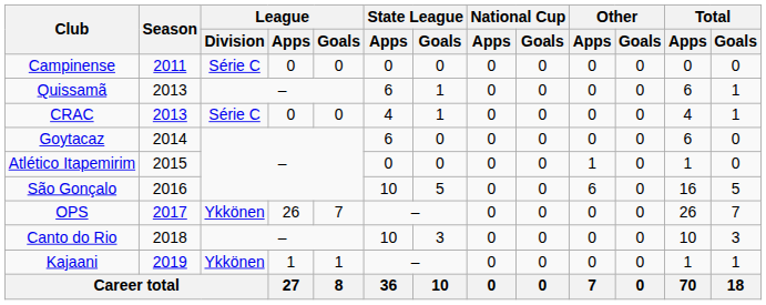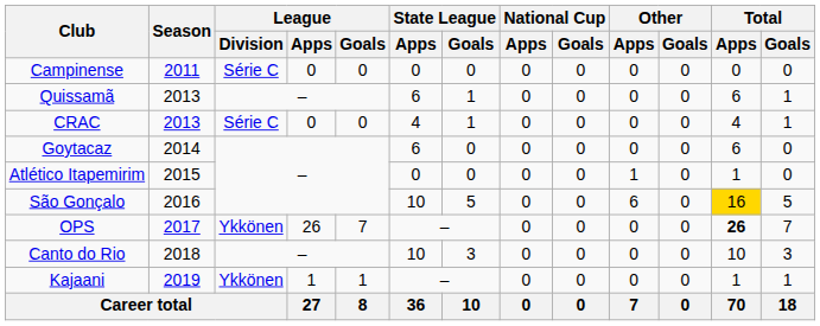 <table class="wikitable" style="text-align: center">
 <tr>
 <th rowspan="2">Club</th>
 <th rowspan="2">Season</th>
 <th colspan="3">League</th>
 <th colspan="2">State League</th>
 <th colspan="2">National Cup</th>
 <th colspan="2">Other</th>
 <th colspan="2">Total</th>
 </tr>
 <tr>
 <th>Division</th>
 <th>Apps</th>
 <th>Goals</th>
 <th>Apps</th>
 <th>Goals</th>
 <th>Apps</th>
 <th>Goals</th>
 <th>Apps</th>
 <th>Goals</th>
 <th>Apps</th>
 <th>Goals</th>
 </tr>
 <tr>
 <td><a href='#'>Campinense</a></td>
 <td><a href='#'>2011</a></td>
 <td><a href='#'>Série C</a></td>
 <td>0</td>
 <td>0</td>
 <td>0</td>
 <td>0</td>
 <td>0</td>
 <td>0</td>
 <td>0</td>
 <td>0</td>
 <td>0</td>
 <td>0</td>
 </tr>
 <tr>
 <td><a href='#'>Quissamã</a></td>
 <td>2013</td>
 <td colspan="3">–</td>
 <td>6</td>
 <td>1</td>
 <td>0</td>
 <td>0</td>
 <td>0</td>
 <td>0</td>
 <td>6</td>
 <td>1</td>
 </tr>
 <tr>
 <td><a href='#'>CRAC</a></td>
 <td><a href='#'>2013</a></td>
 <td><a href='#'>Série C</a></td>
 <td>0</td>
 <td>0</td>
 <td>4</td>
 <td>1</td>
 <td>0</td>
 <td>0</td>
 <td>0</td>
 <td>0</td>
 <td>4</td>
 <td>1</td>
 </tr>
 <tr>
 <td><a href='#'>Goytacaz</a></td>
 <td>2014</td>
 <td colspan="3" rowspan="3">–</td>
 <td>6</td>
 <td>0</td>
 <td>0</td>
 <td>0</td>
 <td>0</td>
 <td>0</td>
 <td>6</td>
 <td>0</td>
 </tr>
 <tr>
 <td><a href='#'>Atlético Itapemirim</a></td>
 <td>2015</td>
 <td>0</td>
 <td>0</td>
 <td>0</td>
 <td>0</td>
 <td>1</td>
 <td>0</td>
 <td>1</td>
 <td>0</td>
 </tr>
 <tr>
 <td><a href='#'>São Gonçalo</a></td>
 <td>2016</td>
 <td>10</td>
 <td>5</td>
 <td>0</td>
 <td>0</td>
 <td>6</td>
 <td>0</td>
-<td>16</td>
+<td style="background: gold;">16</td>
 <td>5</td>
 </tr>
 <tr>
 <td><a href='#'>OPS</a></td>
 <td><a href='#'>2017</a></td>
 <td><a href='#'>Ykkönen</a></td>
 <td>26</td>
 <td>7</td>
 <td colspan="2">–</td>
 <td>0</td>
 <td>0</td>
 <td>0</td>
 <td>0</td>
-<td>26</td>
+<td><strong>26</strong></td>
 <td>7</td>
 </tr>
 <tr>
 <td><a href='#'>Canto do Rio</a></td>
 <td>2018</td>
 <td colspan="3">–</td>
 <td>10</td>
 <td>3</td>
 <td>0</td>
 <td>0</td>
 <td>0</td>
 <td>0</td>
 <td>10</td>
 <td>3</td>
 </tr>
 <tr>
 <td><a href='#'>Kajaani</a></td>
 <td><a href='#'>2019</a></td>
 <td><a href='#'>Ykkönen</a></td>
 <td>1</td>
 <td>1</td>
 <td colspan="2">–</td>
 <td>0</td>
 <td>0</td>
 <td>0</td>
 <td>0</td>
 <td>1</td>
 <td>1</td>
 </tr>
 <tr>
 <th colspan="3"><strong>Career total</strong></th>
 <th>27</th>
 <th>8</th>
 <th>36</th>
 <th>10</th>
 <th>0</th>
 <th>0</th>
 <th>7</th>
 <th>0</th>
 <th>70</th>
 <th>18</th>
 </tr>
 </table>
